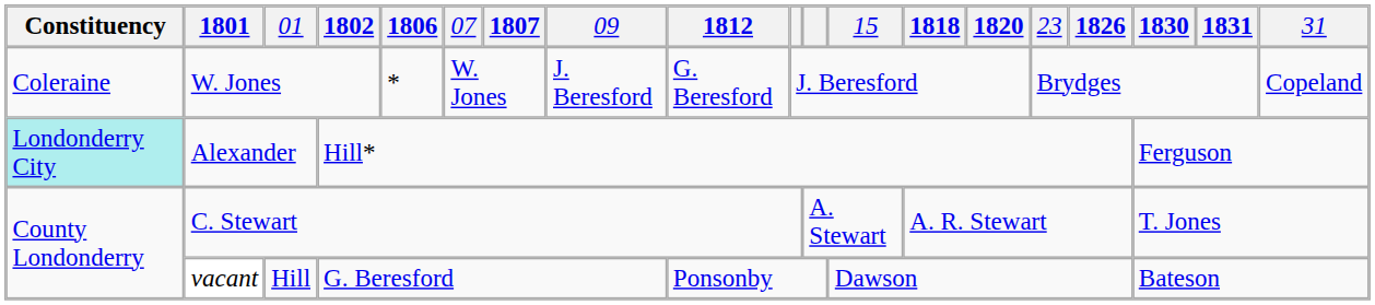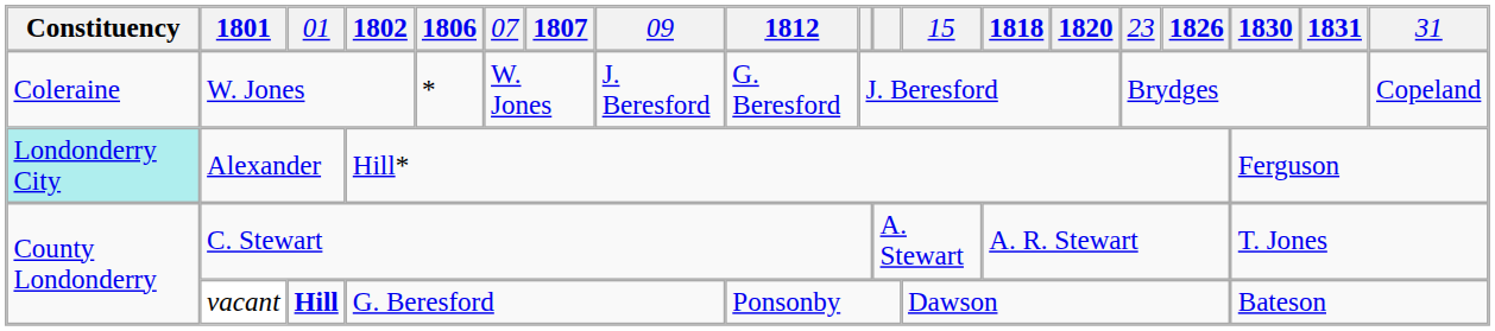 <table class="wikitable" style="border-collapse: separate; border-spacing: 0;">
 <tr>
 <th>Constituency</th>
 <th><a href='#'>1801</a></th>
 <th style="font-weight: normal;"><em><a href='#'>01</a></em></th>
 <th><a href='#'>1802</a></th>
 <th><a href='#'>1806</a></th>
 <th style="font-weight: normal;"><em><a href='#'>07</a></em></th>
 <th><a href='#'>1807</a></th>
 <th style="font-weight: normal;"><em><a href='#'>09</a></em></th>
 <th><a href='#'>1812</a></th>
 <th style="font-weight: normal;"><em></em></th>
 <th style="font-weight: normal;"><em></em></th>
 <th style="font-weight: normal;"><em><a href='#'>15</a></em></th>
 <th><a href='#'>1818</a></th>
 <th><a href='#'>1820</a></th>
 <th style="font-weight: normal;"><em><a href='#'>23</a></em></th>
 <th><a href='#'>1826</a></th>
 <th><a href='#'>1830</a></th>
 <th><a href='#'>1831</a></th>
 <th style="font-weight: normal;"><em><a href='#'>31</a></em></th>
 </tr>
 <tr>
 <td><a href='#'>Coleraine</a></td>
 <td colspan="3"><a href='#'>W. Jones</a></td>
 <td>*</td>
 <td colspan="2"><a href='#'>W. Jones</a></td>
 <td><a href='#'>J. Beresford</a></td>
 <td><a href='#'>G. Beresford</a></td>
 <td colspan="5"><a href='#'>J. Beresford</a></td>
 <td colspan="4"><a href='#'>Brydges</a></td>
 <td><a href='#'>Copeland</a></td>
 </tr>
 <tr>
 <td style="background: paleturquoise;"><a href='#'>Londonderry City</a></td>
 <td colspan="2"><a href='#'>Alexander</a></td>
 <td colspan="13"><a href='#'>Hill</a>*</td>
 <td colspan="3"><a href='#'>Ferguson</a></td>
 </tr>
 <tr>
 <td rowspan="2"><a href='#'>County Londonderry</a></td>
 <td colspan="9"><a href='#'>C. Stewart</a></td>
 <td colspan="2"><a href='#'>A. Stewart</a></td>
 <td colspan="4"><a href='#'>A. R. Stewart</a></td>
 <td colspan="3"><a href='#'>T. Jones</a></td>
 </tr>
 <tr>
 <td style="background: white;"><em>vacant</em></td>
-<td><a href='#'>Hill</a></td>
+<td><strong><a href='#'>Hill</a></strong></td>
 <td colspan="5"><a href='#'>G. Beresford</a></td>
 <td colspan="3"><a href='#'>Ponsonby</a></td>
 <td colspan="5"><a href='#'>Dawson</a></td>
 <td colspan="3"><a href='#'>Bateson</a></td>
 </tr>
 </table>
